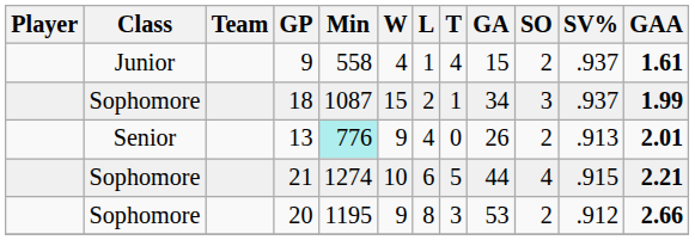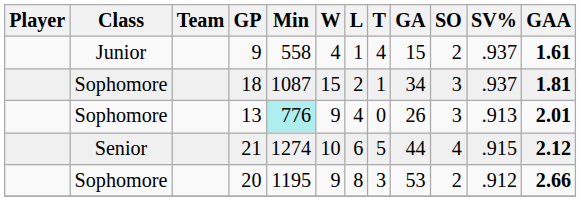 <table class="wikitable sortable" style="text-align: center; "width=60%">
 <tr>
 <th>Player</th>
 <th>Class</th>
 <th>Team</th>
 <th>GP</th>
 <th>Min</th>
 <th>W</th>
 <th>L</th>
 <th>T</th>
 <th>GA</th>
 <th>SO</th>
 <th>SV%</th>
 <th>GAA</th>
 </tr>
 <tr>
 <td style="text-align: left"></td>
 <td>Junior</td>
 <td><strong><a href='#'></a></strong></td>
 <td style="text-align: right">9</td>
 <td style="text-align: right">558</td>
 <td style="text-align: right">4</td>
 <td style="text-align: right">1</td>
 <td style="text-align: right">4</td>
 <td style="text-align: right">15</td>
 <td style="text-align: right">2</td>
 <td style="text-align: right">.937</td>
 <td style="text-align: right"><strong>1.61</strong></td>
 </tr>
 <tr bgcolor=f0f0f0>
 <td style="text-align: left"></td>
 <td>Sophomore</td>
 <td><strong><a href='#'></a></strong></td>
 <td style="text-align: right">18</td>
 <td style="text-align: right">1087</td>
 <td style="text-align: right">15</td>
 <td style="text-align: right">2</td>
 <td style="text-align: right">1</td>
 <td style="text-align: right">34</td>
 <td style="text-align: right">3</td>
 <td style="text-align: right">.937</td>
-<td style="text-align: right"><strong>1.99</strong></td>
+<td style="text-align: right"><strong>1.81</strong></td>
 </tr>
 <tr>
 <td style="text-align: left"></td>
-<td>Senior</td>
+<td>Sophomore</td>
 <td><strong><a href='#'></a></strong></td>
 <td style="text-align: right">13</td>
 <td style="background: paleturquoise; text-align: right">776</td>
 <td style="text-align: right">9</td>
 <td style="text-align: right">4</td>
 <td style="text-align: right">0</td>
 <td style="text-align: right">26</td>
-<td style="text-align: right">2</td>
+<td style="text-align: right">3</td>
 <td style="text-align: right">.913</td>
 <td style="text-align: right"><strong>2.01</strong></td>
 </tr>
 <tr bgcolor=f0f0f0>
 <td style="text-align: left"></td>
-<td>Sophomore</td>
+<td>Senior</td>
 <td><strong><a href='#'></a></strong></td>
 <td style="text-align: right">21</td>
 <td style="text-align: right">1274</td>
 <td style="text-align: right">10</td>
 <td style="text-align: right">6</td>
 <td style="text-align: right">5</td>
 <td style="text-align: right">44</td>
 <td style="text-align: right">4</td>
 <td style="text-align: right">.915</td>
-<td style="text-align: right"><strong>2.21</strong></td>
+<td style="text-align: right"><strong>2.12</strong></td>
 </tr>
 <tr>
 <td style="text-align: left"></td>
 <td>Sophomore</td>
 <td><strong><a href='#'></a></strong></td>
 <td style="text-align: right">20</td>
 <td style="text-align: right">1195</td>
 <td style="text-align: right">9</td>
 <td style="text-align: right">8</td>
 <td style="text-align: right">3</td>
 <td style="text-align: right">53</td>
 <td style="text-align: right">2</td>
 <td style="text-align: right">.912</td>
 <td style="text-align: right"><strong>2.66</strong></td>
 </tr>
 <tr>
 </tr>
 </table>
